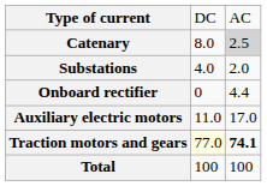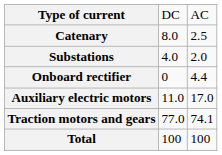 <table border="1" class=wikitable>
 <tr>
 <th>Type of current</th>
 <td>DC</td>
 <td>AC</td>
 </tr>
 <tr>
 <th>Catenary</th>
 <td>8.0</td>
-<td style="background: lightgrey;">2.5</td>
+<td>2.5</td>
 </tr>
 <tr>
 <th>Substations</th>
 <td>4.0</td>
 <td>2.0</td>
 </tr>
 <tr>
 <th>Onboard rectifier</th>
 <td>0</td>
 <td>4.4</td>
 </tr>
 <tr>
 <th>Auxiliary electric motors</th>
 <td>11.0</td>
 <td>17.0</td>
 </tr>
 <tr>
 <th>Traction motors and gears</th>
-<td style="background: lightyellow;">77.0</td>
-<td><strong>74.1</strong></td>
+<td>77.0</td>
+<td>74.1</td>
 </tr>
 <tr>
 <th>Total</th>
 <td>100</td>
 <td>100</td>
 </tr>
 </table>
